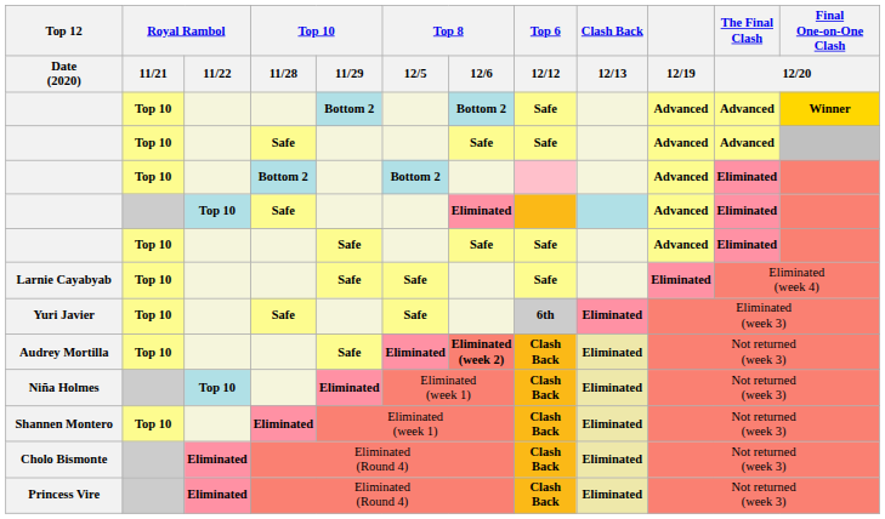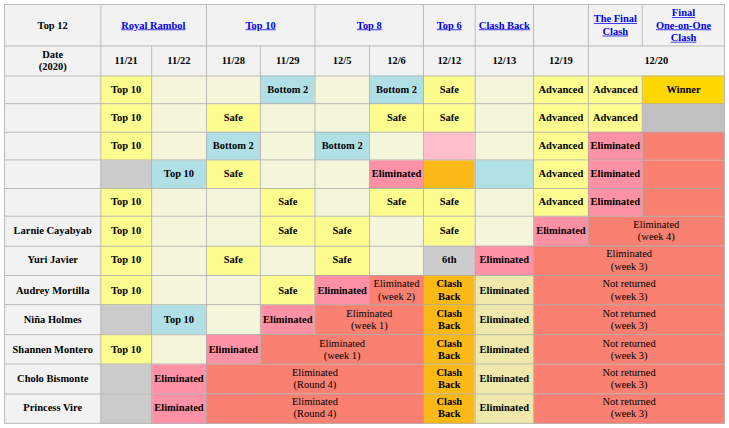 <table class="wikitable"   style="margin:1em auto; text-align:center; font-size:85%; line-height:16px">
 <tr>
 <th width=118px>Top 12</th>
 <th colspan=2 width=10px><a href='#'>Royal Rambol</a></th>
 <th colspan=2 width=10px><a href='#'>Top 10</a></th>
 <th colspan=2 width=10px><a href='#'>Top 8</a></th>
 <th width=10px><a href='#'>Top 6</a></th>
 <th width=10px><a href='#'>Clash Back</a></th>
 <th width=10px></th>
 <th width=10px><a href='#'>The Final Clash</a></th>
 <th width=100px><a href='#'>Final<br>One-on-One Clash</a></th>
 </tr>
 <tr>
 <th>Date<br>(2020)</th>
 <th width=60px>11/21</th>
 <th width=10px>11/22</th>
 <th width=10px>11/28</th>
 <th width=10px>11/29</th>
 <th width=10px>12/5</th>
 <th width=10px>12/6</th>
 <th width=60px>12/12</th>
 <th width=70px>12/13</th>
 <th width=10px>12/19</th>
 <th colspan=2 width=10px>12/20</th>
 </tr>
 <tr>
 <th></th>
 <td style="background:#fdfc8f;"><strong>Top 10</strong></td>
 <td style="background:#F5F5DC;"></td>
 <td style="background:#F5F5DC;"></td>
 <td style="background:#b0e0e6;"><strong>Bottom 2</strong></td>
 <td style="background:#F5F5DC;"></td>
 <td style="background:#b0e0e6;"><strong>Bottom 2</strong></td>
 <td style="background:#fdfc8f;"><strong>Safe</strong></td>
 <td style="background:#F5F5DC;"></td>
 <td style="background:#fdfc8f;"><strong>Advanced</strong></td>
 <td style="background:#fdfc8f;"><strong>Advanced</strong></td>
 <td style="background:gold;" height=30px><strong>Winner</strong></td>
 </tr>
 <tr>
 <th></th>
 <td style="background:#fdfc8f;"><strong>Top 10</strong></td>
 <td style="background:#F5F5DC;"></td>
 <td style="background:#fdfc8f;"><strong>Safe</strong></td>
 <td style="background:#F5F5DC;"></td>
 <td style="background:#F5F5DC;"></td>
 <td style="background:#fdfc8f;"><strong>Safe</strong></td>
 <td style="background:#fdfc8f;"><strong>Safe</strong></td>
 <td style="background:#F5F5DC;"></td>
 <td style="background:#fdfc8f;"><strong>Advanced</strong></td>
 <td style="background:#fdfc8f;"><strong>Advanced</strong></td>
 <td style="background:silver;" height=30px></td>
 </tr>
 <tr>
 <th></th>
 <td style="background:#fdfc8f;"><strong>Top 10</strong></td>
 <td style="background:#F5F5DC;"></td>
 <td style="background:#b0e0e6;"><strong>Bottom 2</strong></td>
 <td style="background:#F5F5DC;"></td>
 <td style="background:#b0e0e6;"><strong>Bottom 2</strong></td>
 <td style="background:#F5F5DC;"></td>
 <td style="background:pink;"></td>
 <td style="background:#F5F5DC;"></td>
 <td style="background:#fdfc8f;"><strong>Advanced</strong></td>
 <td style="background:#FF91A4;"><strong>Eliminated</strong></td>
 <td style="background:salmon;" height=30px></td>
 </tr>
 <tr>
 <th></th>
 <td style="background:#ccc;"></td>
 <td style="background:#b0e0e6;"><strong>Top 10</strong></td>
 <td style="background:#fdfc8f;"><strong>Safe</strong></td>
 <td style="background:#F5F5DC;"></td>
 <td style="background:#F5F5DC;"></td>
 <td style="background:#FF91A4;"><strong>Eliminated</strong></td>
 <td style="background:#FBB917"></td>
 <td style="background:#b0e0e6;"></td>
 <td style="background:#fdfc8f;"><strong>Advanced</strong></td>
 <td style="background:#FF91A4;"><strong>Eliminated</strong></td>
 <td style="background:salmon;"  height=30px></td>
 </tr>
 <tr>
 <th></th>
 <td style="background:#fdfc8f;"><strong>Top 10</strong></td>
 <td style="background:#F5F5DC;"></td>
 <td style="background:#F5F5DC;"></td>
 <td style="background:#fdfc8f;"><strong>Safe</strong></td>
 <td style="background:#F5F5DC;"></td>
 <td style="background:#fdfc8f;"><strong>Safe</strong></td>
 <td style="background:#fdfc8f;"><strong>Safe</strong></td>
 <td style="background:#F5F5DC;"></td>
 <td style="background:#fdfc8f;"><strong>Advanced</strong></td>
 <td style="background:#FF91A4;"><strong>Eliminated</strong></td>
 <td style="background:salmon;" height=30px></td>
 </tr>
 <tr>
 <th>Larnie Cayabyab</th>
 <td style="background:#fdfc8f;"><strong>Top 10</strong></td>
 <td style="background:#F5F5DC;"></td>
 <td style="background:#F5F5DC;"></td>
 <td style="background:#fdfc8f;"><strong>Safe</strong></td>
 <td style="background:#fdfc8f;"><strong>Safe</strong></td>
 <td style="background:#F5F5DC;"></td>
 <td style="background:#fdfc8f;"><strong>Safe</strong></td>
 <td style="background:#F5F5DC;"></td>
 <td style="background:#FF91A4;"><strong>Eliminated</strong></td>
 <td colspan="2" style="background:salmon;">Eliminated<br>(week 4)</td>
 </tr>
 <tr>
 <th>Yuri Javier</th>
 <td style="background:#fdfc8f;"><strong>Top 10</strong></td>
 <td style="background:#F5F5DC;"></td>
 <td style="background:#fdfc8f;"><strong>Safe</strong></td>
 <td style="background:#F5F5DC;"></td>
 <td style="background:#fdfc8f;"><strong>Safe</strong></td>
 <td style="background:#F5F5DC;"></td>
 <td style="background:#ccc;"><strong>6th</strong></td>
 <td style="background:#FF91A4;"><strong>Eliminated</strong></td>
 <td colspan="3" style="background:salmon;">Eliminated<br>(week 3)</td>
 </tr>
 <tr>
 <th>Audrey Mortilla</th>
 <td style="background:#fdfc8f;"><strong>Top 10</strong></td>
 <td style="background:#F5F5DC;"></td>
 <td style="background:#F5F5DC;"></td>
 <td style="background:#fdfc8f;"><strong>Safe</strong></td>
 <td style="background:#FF91A4;"><strong>Eliminated</strong></td>
-<td colspan="1" style="background:salmon;"><strong>Eliminated<br>(week 2)</strong></td>
+<td colspan="1" style="background:salmon;">Eliminated<br>(week 2)</td>
 <td style="background:#FBB917"><strong>Clash Back</strong></td>
 <td style="background:#EEE8AA;"><strong>Eliminated</strong></td>
 <td colspan="3" style="background:salmon;">Not returned<br>(week 3)</td>
 </tr>
 <tr>
 <th>Niña Holmes</th>
 <td style="background:#ccc;"></td>
 <td style="background:#b0e0e6;"><strong>Top 10</strong></td>
 <td style="background:#F5F5DC;"></td>
 <td style="background:#FF91A4;"><strong>Eliminated</strong></td>
 <td colspan="2" style="background:salmon;">Eliminated<br>(week 1)</td>
 <td style="background:#FBB917"><strong>Clash Back</strong></td>
 <td style="background:#EEE8AA;"><strong>Eliminated</strong></td>
 <td colspan="3" style="background:salmon;">Not returned<br>(week 3)</td>
 </tr>
 <tr>
 <th>Shannen Montero</th>
 <td style="background:#fdfc8f;"><strong>Top 10</strong></td>
 <td style="background:#F5F5DC;"></td>
 <td style="background:#FF91A4;"><strong>Eliminated</strong></td>
 <td colspan="3" style="background:salmon;">Eliminated<br>(week 1)</td>
 <td style="background:#FBB917"><strong>Clash Back</strong></td>
 <td style="background:#EEE8AA;"><strong>Eliminated</strong></td>
 <td colspan="3" style="background:salmon;">Not returned<br>(week 3)</td>
 </tr>
 <tr>
 <th>Cholo Bismonte</th>
 <td style="background:#ccc;"></td>
 <td style="background:#FF91A4;"><strong>Eliminated</strong></td>
 <td colspan="4" style="background:salmon;">Eliminated<br>(Round 4)</td>
 <td style="background:#FBB917"><strong>Clash Back</strong></td>
 <td style="background:#EEE8AA;"><strong>Eliminated</strong></td>
 <td colspan="3" style="background:salmon;">Not returned<br>(week 3)</td>
 </tr>
 <tr>
 <th>Princess Vire</th>
 <td style="background:#ccc;"></td>
 <td style="background:#FF91A4;"><strong>Eliminated</strong></td>
 <td colspan="4" style="background:salmon;">Eliminated<br>(Round 4)</td>
 <td style="background:#FBB917"><strong>Clash Back</strong></td>
 <td style="background:#EEE8AA;"><strong>Eliminated</strong></td>
 <td colspan="3" style="background:salmon;">Not returned<br>(week 3)</td>
 </tr>
 </table>
